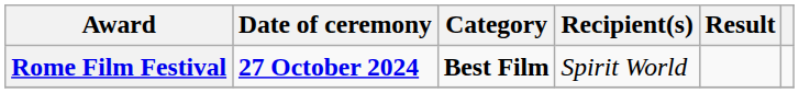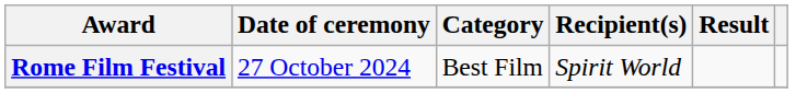 <table class="wikitable sortable plainrowheaders">
 <tr>
 <th scope="col">Award</th>
 <th scope="col">Date of ceremony</th>
 <th scope="col">Category</th>
 <th scope="col">Recipient(s)</th>
 <th scope="col">Result</th>
 <th scope="col" class="unsortable"></th>
 </tr>
 <tr>
 <th scope="row"><a href='#'>Rome Film Festival</a></th>
-<td><strong><a href='#'>27 October 2024</a></strong></td>
-<td><strong>Best Film</strong></td>
+<td><a href='#'>27 October 2024</a></td>
+<td>Best Film</td>
 <td><em>Spirit World</em></td>
 <td></td>
 <td align="center"></td>
 </tr>
 <tr>
 </tr>
 </table>
